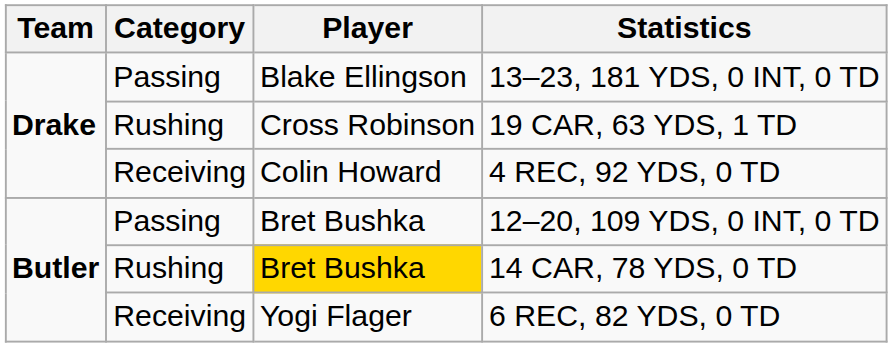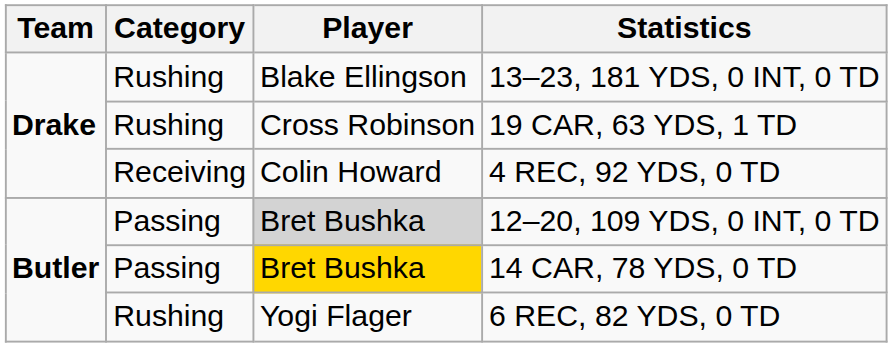 <table class="wikitable" style="float: right;">
 <tr>
 <th>Team</th>
 <th>Category</th>
 <th>Player</th>
 <th>Statistics</th>
 </tr>
 <tr>
 <td rowspan=3><strong>Drake</strong></td>
-<td>Passing</td>
+<td>Rushing</td>
 <td>Blake Ellingson</td>
 <td>13–23, 181 YDS, 0 INT, 0 TD</td>
 </tr>
 <tr>
 <td>Rushing</td>
 <td>Cross Robinson</td>
 <td>19 CAR, 63 YDS, 1 TD</td>
 </tr>
 <tr>
 <td>Receiving</td>
 <td>Colin Howard</td>
 <td>4 REC, 92 YDS, 0 TD</td>
 </tr>
 <tr>
 <td rowspan=3><strong>Butler</strong></td>
 <td>Passing</td>
-<td>Bret Bushka</td>
+<td style="background: lightgrey;">Bret Bushka</td>
 <td>12–20, 109 YDS, 0 INT, 0 TD</td>
 </tr>
 <tr>
-<td>Rushing</td>
+<td>Passing</td>
 <td style="background: gold;">Bret Bushka</td>
 <td>14 CAR, 78 YDS, 0 TD</td>
 </tr>
 <tr>
-<td>Receiving</td>
+<td>Rushing</td>
 <td>Yogi Flager</td>
 <td>6 REC, 82 YDS, 0 TD</td>
 </tr>
 </table>
